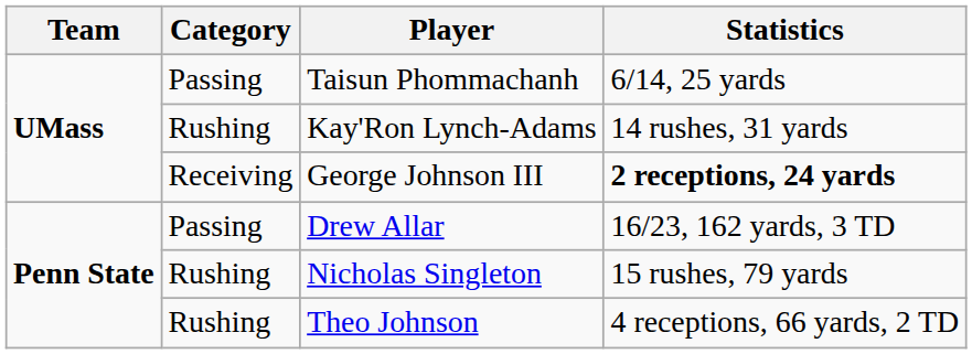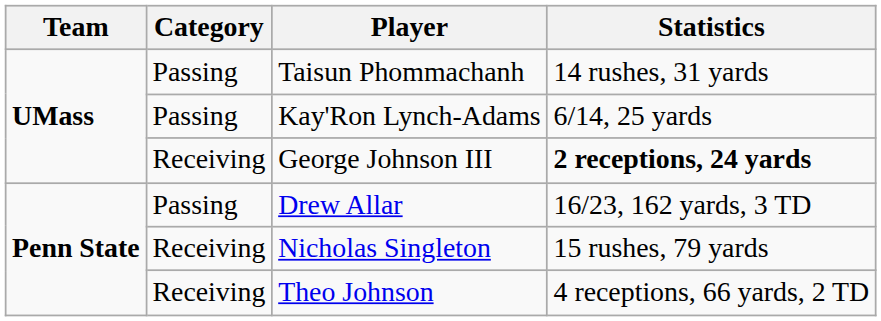 <table class="wikitable" style="float: right;">
 <tr>
 <th>Team</th>
 <th>Category</th>
 <th>Player</th>
 <th>Statistics</th>
 </tr>
 <tr>
 <td rowspan=3><strong>UMass</strong></td>
 <td>Passing</td>
 <td>Taisun Phommachanh</td>
-<td>6/14, 25 yards</td>
+<td>14 rushes, 31 yards</td>
 </tr>
 <tr>
-<td>Rushing</td>
+<td>Passing</td>
 <td>Kay'Ron Lynch-Adams</td>
-<td>14 rushes, 31 yards</td>
+<td>6/14, 25 yards</td>
 </tr>
 <tr>
 <td>Receiving</td>
 <td>George Johnson III</td>
 <td><strong>2 receptions, 24 yards</strong></td>
 </tr>
 <tr>
 <td rowspan=3><strong>Penn State</strong></td>
 <td>Passing</td>
 <td><a href='#'>Drew Allar</a></td>
 <td>16/23, 162 yards, 3 TD</td>
 </tr>
 <tr>
-<td>Rushing</td>
+<td>Receiving</td>
 <td><a href='#'>Nicholas Singleton</a></td>
 <td>15 rushes, 79 yards</td>
 </tr>
 <tr>
-<td>Rushing</td>
+<td>Receiving</td>
 <td><a href='#'>Theo Johnson</a></td>
 <td>4 receptions, 66 yards, 2 TD</td>
 </tr>
 </table>
